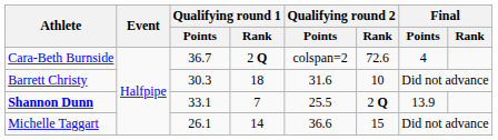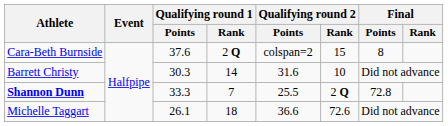 <table class=wikitable style=font-size:90%;text-align:center>
 <tr>
 <th rowspan=2>Athlete</th>
 <th rowspan=2>Event</th>
 <th colspan=2>Qualifying round 1</th>
 <th colspan=2>Qualifying round 2</th>
 <th colspan=2>Final</th>
 </tr>
 <tr style=font-size:95%>
 <th>Points</th>
 <th>Rank</th>
 <th>Points</th>
 <th>Rank</th>
 <th>Points</th>
 <th>Rank</th>
 </tr>
 <tr>
 <td align=left><a href='#'>Cara-Beth Burnside</a></td>
 <td align=left rowspan=4><a href='#'>Halfpipe</a></td>
-<td>36.7</td>
+<td>37.6</td>
 <td>2 <strong>Q</strong></td>
 <td>colspan=2 </td>
-<td>72.6</td>
-<td>4</td>
+<td>15</td>
+<td>8</td>
 </tr>
 <tr>
 <td align=left><a href='#'>Barrett Christy</a></td>
 <td>30.3</td>
-<td>18</td>
+<td>14</td>
 <td>31.6</td>
 <td>10</td>
 <td colspan=2>Did not advance</td>
 </tr>
 <tr>
 <td align=left><strong><a href='#'>Shannon Dunn</a></strong></td>
-<td>33.1</td>
+<td>33.3</td>
 <td>7</td>
 <td>25.5</td>
 <td>2 <strong>Q</strong></td>
-<td>13.9</td>
+<td>72.8</td>
 <td></td>
 </tr>
 <tr>
 <td align=left><a href='#'>Michelle Taggart</a></td>
 <td>26.1</td>
-<td>14</td>
+<td>18</td>
 <td>36.6</td>
-<td>15</td>
+<td>72.6</td>
 <td colspan=2>Did not advance</td>
 </tr>
 </table>
